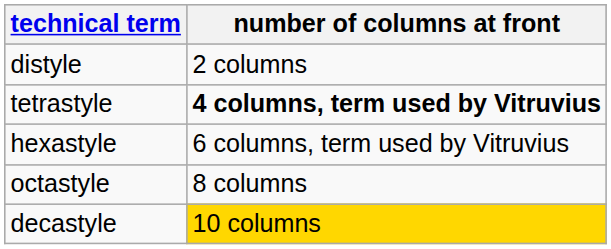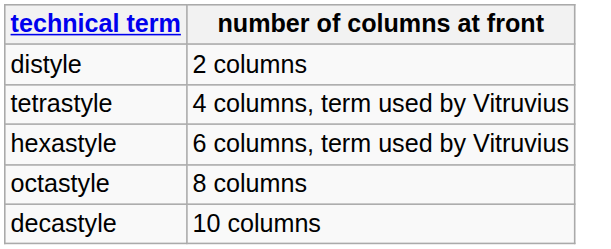 <table class="wikitable">
 <tr>
 <th><a href='#'>technical term</a></th>
 <th>number of columns at front</th>
 </tr>
 <tr>
 <td>distyle</td>
 <td>2 columns</td>
 </tr>
 <tr>
 <td>tetrastyle</td>
-<td><strong>4 columns, term used by Vitruvius</strong></td>
+<td>4 columns, term used by Vitruvius</td>
 </tr>
 <tr>
 <td>hexastyle</td>
 <td>6 columns, term used by Vitruvius</td>
 </tr>
 <tr>
 <td>octastyle</td>
 <td>8 columns</td>
 </tr>
 <tr>
 <td>decastyle</td>
-<td style="background: gold;">10 columns</td>
+<td>10 columns</td>
 </tr>
 </table>
